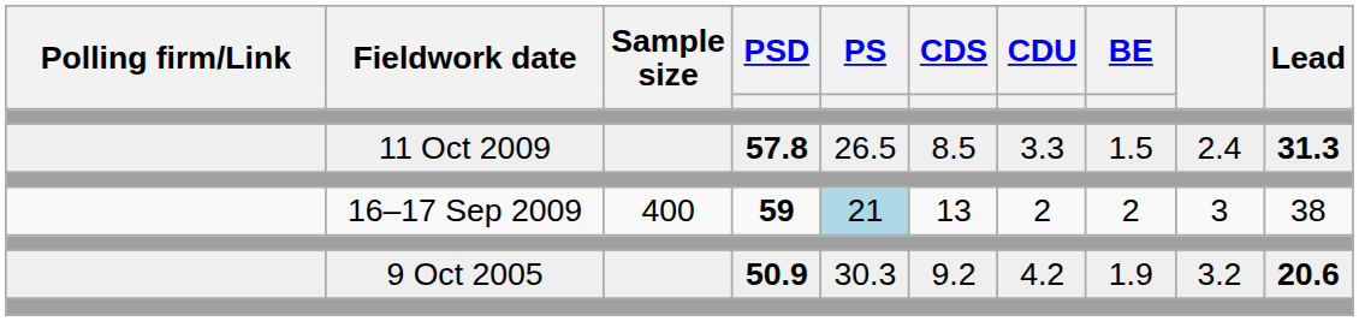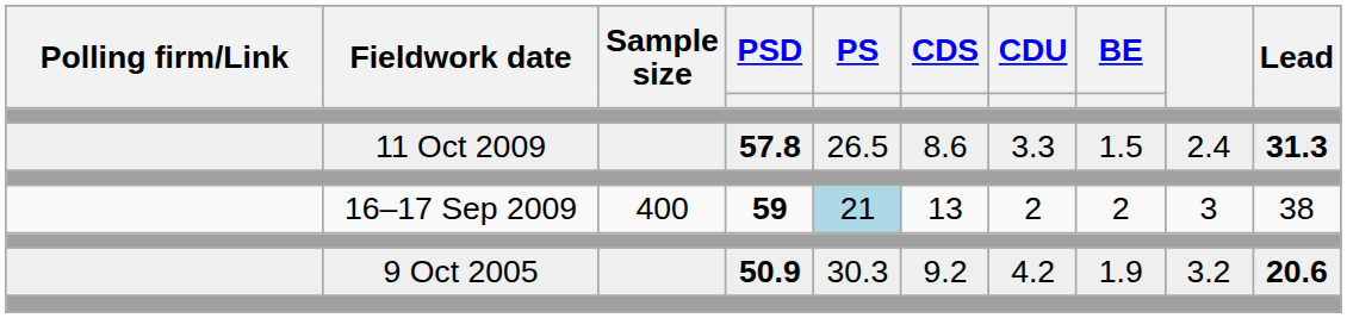 <table class="wikitable collapsible sortable" style="text-align:center; font-size:95%; line-height:16px;">
 <tr style="height:42px;">
 <th style="width:145px;" rowspan="2">Polling firm/Link</th>
 <th style="width:125px;" rowspan="2">Fieldwork date</th>
 <th class="unsortable" style="width:50px;" rowspan="2">Sample size</th>
 <th class="unsortable" style="width:35px;"><a href='#'>PSD</a></th>
 <th class="unsortable" style="width:35px;"><a href='#'>PS</a></th>
 <th class="unsortable" style="width:35px;"><a href='#'>CDS</a></th>
 <th class="unsortable" style="width:35px;"><a href='#'>CDU</a></th>
 <th class="unsortable" style="width:35px;"><a href='#'>BE</a></th>
 <th class="unsortable" style="width:35px;" rowspan="2"></th>
 <th class="unsortable" style="width:30px;" rowspan="2">Lead</th>
 </tr>
 <tr>
 <th class="unsortable" style="color:inherit;background:"></th>
 <th class="unsortable" style="color:inherit;background:"></th>
 <th class="unsortable" style="color:inherit;background:"></th>
 <th class="unsortable" style="color:inherit;background:"></th>
 <th class="unsortable" style="color:inherit;background:"></th>
 </tr>
 <tr>
 <td colspan="13" style="background:#A0A0A0"></td>
 </tr>
 <tr style="background:#EFEFEF;">
 <td><strong></strong></td>
 <td data-sort-value="2019-10-06">11 Oct 2009</td>
 <td></td>
 <td><strong>57.8</strong><br></td>
 <td>26.5<br></td>
-<td>8.5<br></td>
+<td>8.6<br></td>
 <td>3.3<br></td>
 <td>1.5<br></td>
 <td>2.4</td>
 <td style="background:"><strong>31.3</strong></td>
 </tr>
 <tr>
 <td colspan="13" style="background:#A0A0A0"></td>
 </tr>
 <tr>
 <td align="center"></td>
 <td align="center">16–17 Sep 2009</td>
 <td>400</td>
 <td align="center" ><strong>59</strong></td>
 <td align="center" style="background: lightblue;">21</td>
 <td align="center">13</td>
 <td align="center">2</td>
 <td align="center">2</td>
 <td align="center">3</td>
 <td style="background:">38</td>
 </tr>
 <tr>
 <td colspan="13" style="background:#A0A0A0"></td>
 </tr>
 <tr style="background:#EFEFEF;">
 <td><strong></strong></td>
 <td data-sort-value="2019-10-06">9 Oct 2005</td>
 <td></td>
 <td><strong>50.9</strong><br></td>
 <td>30.3<br></td>
 <td>9.2<br></td>
 <td>4.2<br></td>
 <td>1.9<br></td>
 <td>3.2</td>
 <td style="background:"><strong>20.6</strong></td>
 </tr>
 <tr>
 <td colspan="13" style="background:#A0A0A0"></td>
 </tr>
 <tr>
 </tr>
 </table>
